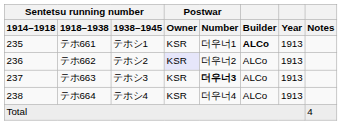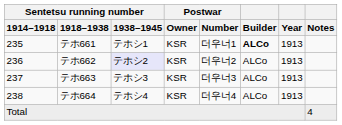 <table class="wikitable">
 <tr>
 <th colspan="3">Sentetsu running number</th>
 <th colspan="2">Postwar</th>
 <th></th>
 <th></th>
 <th></th>
 </tr>
 <tr>
 <th>1914–1918</th>
 <th>1918–1938</th>
 <th>1938–1945</th>
 <th>Owner</th>
 <th>Number</th>
 <th>Builder</th>
 <th>Year</th>
 <th>Notes</th>
 </tr>
 <tr>
 <td>235</td>
 <td>テホ661</td>
 <td>テホシ1</td>
 <td>KSR</td>
 <td>더우너1</td>
 <td><strong>ALCo</strong></td>
 <td>1913</td>
 <td></td>
 </tr>
 <tr>
 <td>236</td>
 <td>テホ662</td>
-<td>テホシ2</td>
-<td style="background: lavender;">KSR</td>
+<td style="background: lavender;">テホシ2</td>
+<td>KSR</td>
 <td>더우너2</td>
 <td>ALCo</td>
 <td>1913</td>
 <td></td>
 </tr>
 <tr>
 <td>237</td>
 <td>テホ663</td>
 <td>テホシ3</td>
 <td>KSR</td>
-<td><strong>더우너3</strong></td>
+<td>더우너3</td>
 <td>ALCo</td>
 <td>1913</td>
 <td></td>
 </tr>
 <tr>
 <td>238</td>
 <td>テホ664</td>
 <td>テホシ4</td>
 <td>KSR</td>
 <td>더우너4</td>
 <td>ALCo</td>
 <td>1913</td>
 <td></td>
 </tr>
 <tr>
 <td bgcolor=#ededed colspan="7">Total</td>
 <td bgcolor=#ededed>4</td>
 </tr>
 </table>
